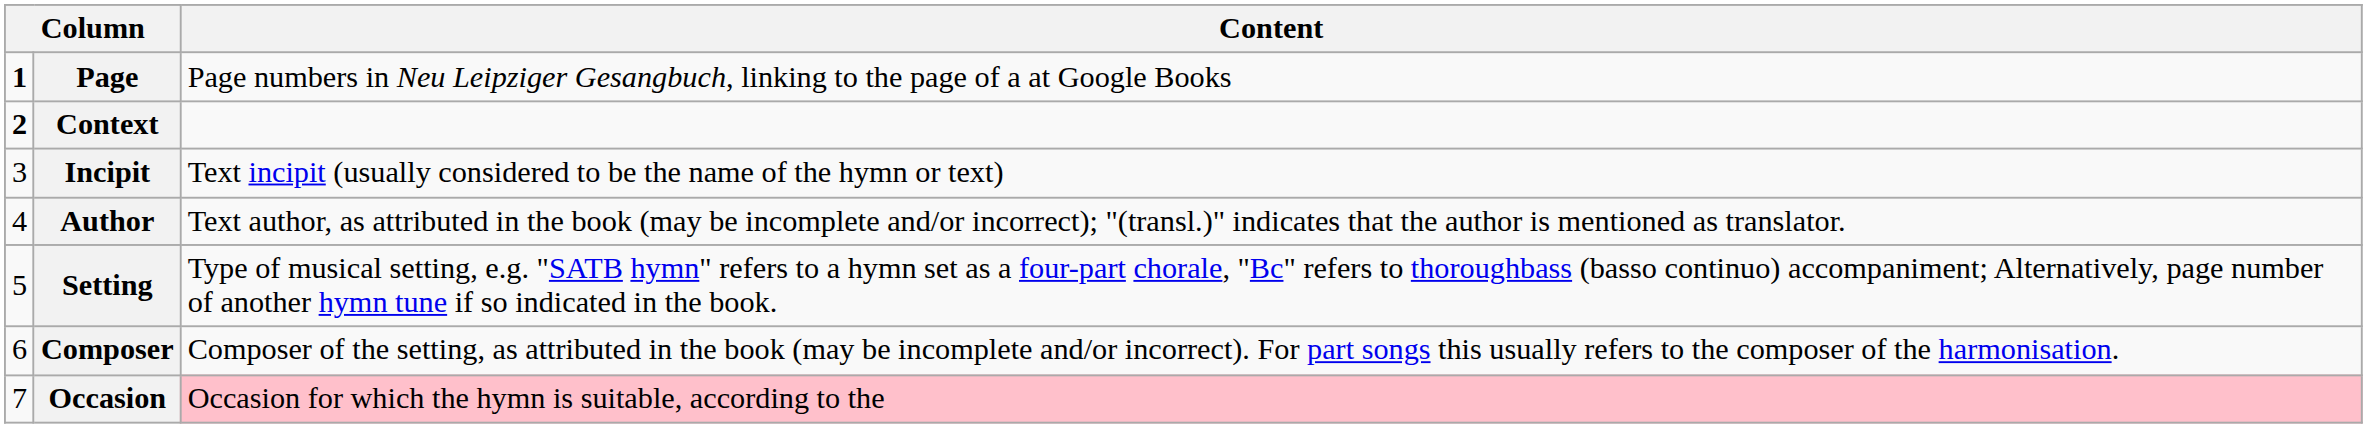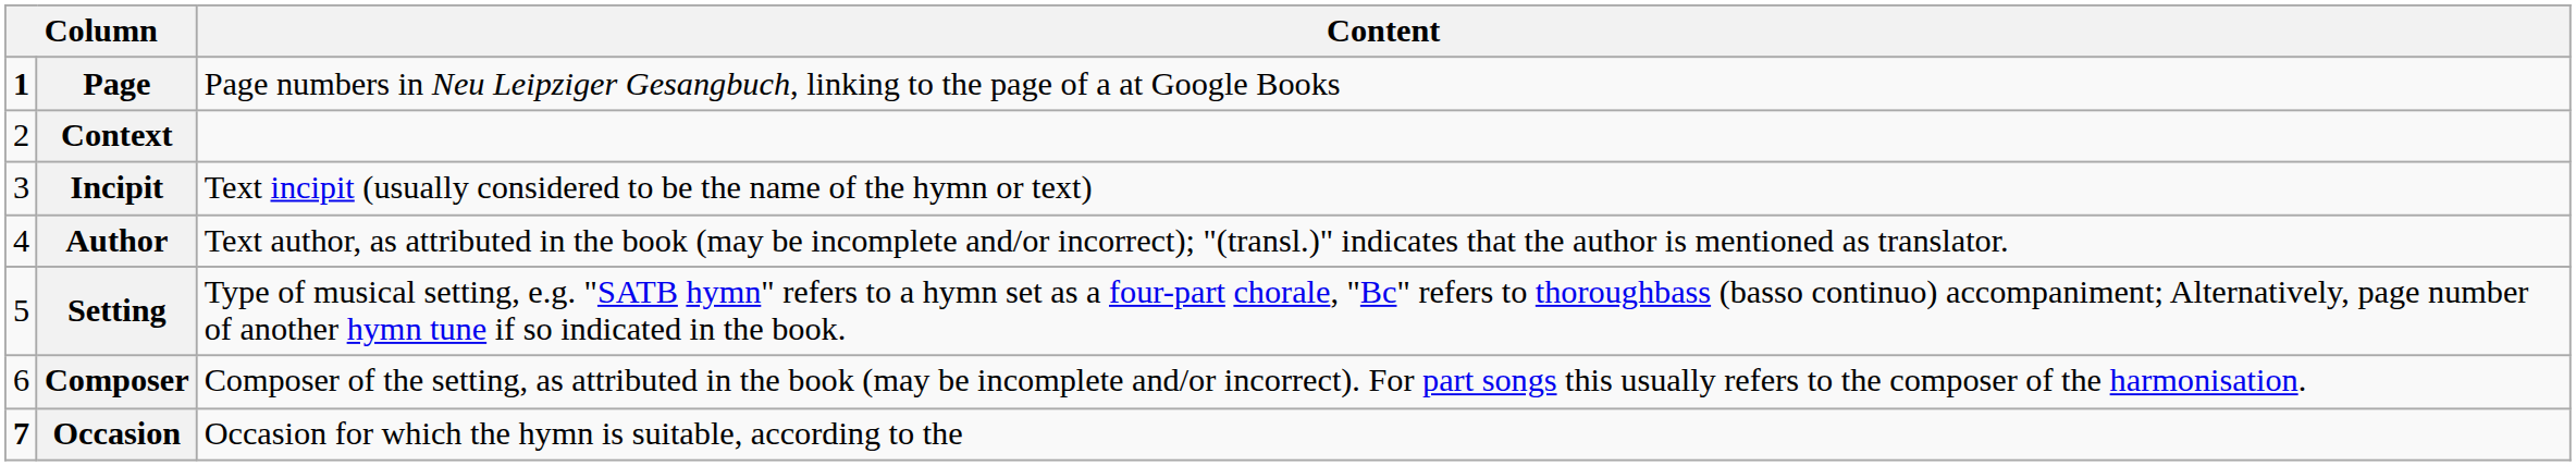 <table class="wikitable">
 <tr>
 <th colspan="2">Column</th>
 <th>Content</th>
 </tr>
 <tr>
 <td align="center"><strong>1</strong></td>
 <th>Page</th>
 <td>Page numbers in <em>Neu Leipziger Gesangbuch</em>, linking to the page of a  at Google Books</td>
 </tr>
 <tr id="TABLETOP">
-<td align="center"><strong>2</strong></td>
+<td align="center">2</td>
 <th>Context</th>
 <td></td>
 </tr>
 <tr>
 <td align="center">3</td>
 <th>Incipit</th>
 <td>Text <a href='#'>incipit</a> (usually considered to be the name of the hymn or text)</td>
 </tr>
 <tr>
 <td align="center">4</td>
 <th>Author</th>
 <td>Text author, as attributed in the book (may be incomplete and/or incorrect); "(transl.)" indicates that the author is mentioned as translator.</td>
 </tr>
 <tr>
 <td align="center">5</td>
 <th>Setting</th>
 <td>Type of musical setting, e.g. "<a href='#'>SATB</a> <a href='#'>hymn</a>" refers to a hymn set as a <a href='#'>four-part</a> <a href='#'>chorale</a>, "<a href='#'>Bc</a>" refers to <a href='#'>thoroughbass</a> (basso continuo) accompaniment; Alternatively, page number of another <a href='#'>hymn tune</a> if so indicated in the book.</td>
 </tr>
 <tr>
 <td align="center">6</td>
 <th>Composer</th>
 <td>Composer of the setting, as attributed in the book (may be incomplete and/or incorrect). For <a href='#'>part songs</a> this usually refers to the composer of the <a href='#'>harmonisation</a>.</td>
 </tr>
 <tr>
-<td align="center">7</td>
+<td align="center"><strong>7</strong></td>
 <th>Occasion</th>
-<td style="background: pink;">Occasion for which the hymn is suitable, according to the </td>
+<td>Occasion for which the hymn is suitable, according to the </td>
 </tr>
 </table>
